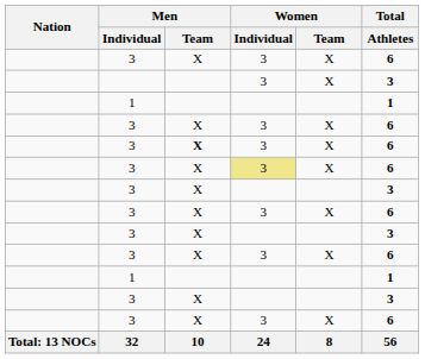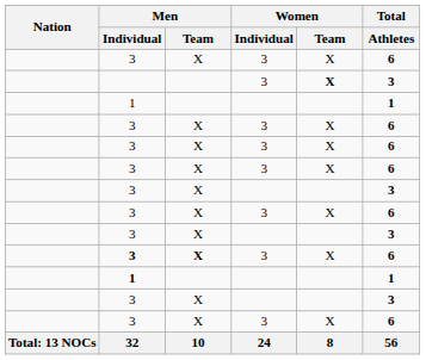 <table class="wikitable" style="text-align:center; font-size:90%">
 <tr>
 <th rowspan="2" align="left">Nation</th>
 <th colspan="2">Men</th>
 <th colspan="2">Women</th>
 <th>Total</th>
 </tr>
 <tr>
 <th width=65>Individual</th>
 <th width=65>Team</th>
 <th width=65>Individual</th>
 <th width=65>Team</th>
 <th width=55>Athletes</th>
 </tr>
 <tr>
 <td align=left></td>
 <td>3</td>
 <td>X</td>
 <td>3</td>
 <td>X</td>
 <td><strong>6</strong></td>
 </tr>
 <tr>
 <td align=left></td>
 <td></td>
 <td></td>
 <td>3</td>
-<td>X</td>
+<td><strong>X</strong></td>
 <td><strong>3</strong></td>
 </tr>
 <tr>
 <td align=left></td>
 <td>1</td>
 <td></td>
 <td></td>
 <td></td>
 <td><strong>1</strong></td>
 </tr>
 <tr>
 <td align=left></td>
 <td>3</td>
 <td>X</td>
 <td>3</td>
 <td>X</td>
 <td><strong>6</strong></td>
 </tr>
 <tr>
 <td align=left></td>
 <td>3</td>
-<td><strong>X</strong></td>
+<td>X</td>
 <td>3</td>
 <td>X</td>
 <td><strong>6</strong></td>
 </tr>
 <tr>
 <td align=left></td>
 <td>3</td>
 <td>X</td>
-<td style="background: khaki;">3</td>
+<td>3</td>
 <td>X</td>
 <td><strong>6</strong></td>
 </tr>
 <tr>
 <td align=left></td>
 <td>3</td>
 <td>X</td>
 <td></td>
 <td></td>
 <td><strong>3</strong></td>
 </tr>
 <tr>
 <td align=left></td>
 <td>3</td>
 <td>X</td>
 <td>3</td>
 <td>X</td>
 <td><strong>6</strong></td>
 </tr>
 <tr>
 <td align=left></td>
 <td>3</td>
 <td>X</td>
 <td></td>
 <td></td>
 <td><strong>3</strong></td>
 </tr>
 <tr>
 <td align=left></td>
-<td>3</td>
-<td>X</td>
+<td><strong>3</strong></td>
+<td><strong>X</strong></td>
 <td>3</td>
 <td>X</td>
 <td><strong>6</strong></td>
 </tr>
 <tr>
 <td align=left></td>
-<td>1</td>
+<td><strong>1</strong></td>
 <td></td>
 <td></td>
 <td></td>
 <td><strong>1</strong></td>
 </tr>
 <tr>
 <td align=left></td>
 <td>3</td>
 <td>X</td>
 <td></td>
 <td></td>
 <td><strong>3</strong></td>
 </tr>
 <tr>
 <td align=left></td>
 <td>3</td>
 <td>X</td>
 <td>3</td>
 <td>X</td>
 <td><strong>6</strong></td>
 </tr>
 <tr>
 <th>Total: 13 NOCs</th>
 <th>32</th>
 <th>10</th>
 <th>24</th>
 <th>8</th>
 <th>56</th>
 </tr>
 </table>
